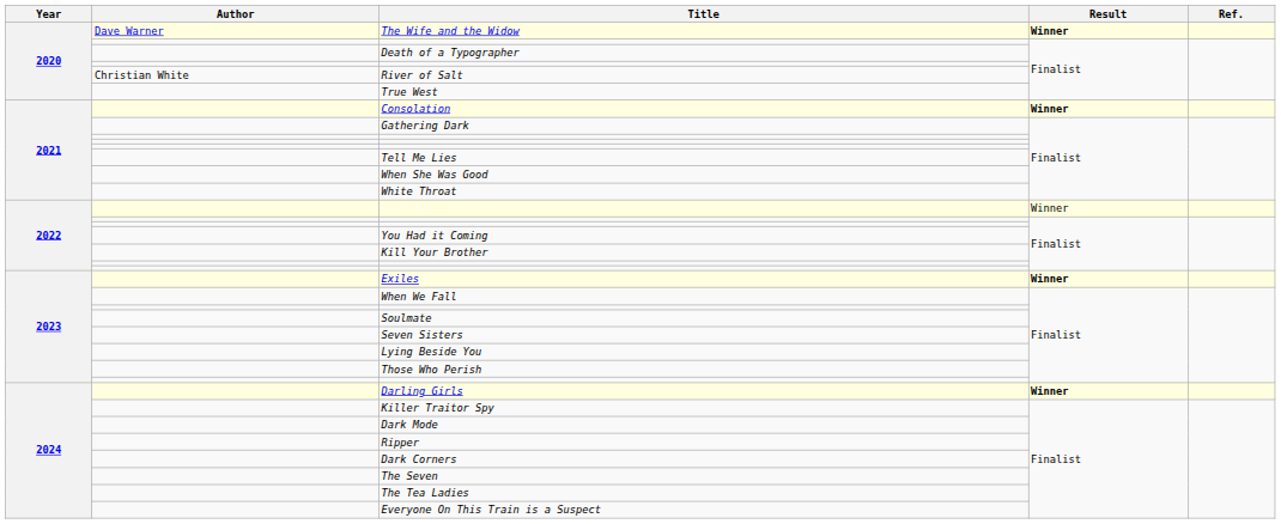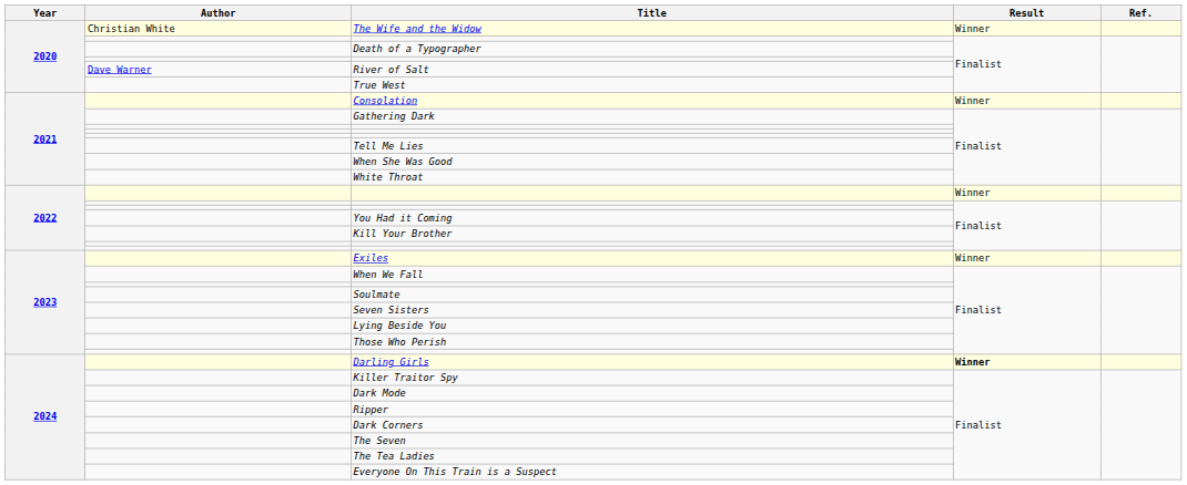 <table class="wikitable sortable mw-collapsible" width=100%>
 <tr>
 <th scope=col>Year</th>
 <th scope=col>Author</th>
 <th scope=col>Title</th>
 <th scope=col>Result</th>
 <th scope=col>Ref.</th>
 </tr>
 <tr style="background:lightyellow;">
 <th rowspan="6"><a href='#'>2020</a></th>
-<td><a href='#'>Dave Warner</a></td>
+<td>Christian White</td>
 <td><em><a href='#'>The Wife and the Widow</a></em></td>
-<td><strong>Winner</strong></td>
+<td>Winner</td>
 <td></td>
 </tr>
 <tr>
 <td></td>
 <td><em></em></td>
 <td rowspan="5">Finalist</td>
 <td rowspan="5"></td>
 </tr>
 <tr>
 <td></td>
 <td><em>Death of a Typographer</em></td>
 </tr>
 <tr>
 <td></td>
 <td><em></em></td>
 </tr>
 <tr>
-<td>Christian White</td>
+<td><a href='#'>Dave Warner</a></td>
 <td><em>River of Salt</em></td>
 </tr>
 <tr>
 <td></td>
 <td><em>True West</em></td>
 </tr>
 <tr style="background:lightyellow;">
 <th rowspan="8"><a href='#'>2021</a></th>
 <td></td>
 <td><em><a href='#'>Consolation</a></em></td>
-<td><strong>Winner</strong></td>
+<td>Winner</td>
 <td></td>
 </tr>
 <tr>
 <td></td>
 <td><em>Gathering Dark</em></td>
 <td rowspan="7">Finalist</td>
 <td rowspan="7"></td>
 </tr>
 <tr>
 <td></td>
 <td><em></em></td>
 </tr>
 <tr>
 <td></td>
 <td><em></em></td>
 </tr>
 <tr>
 <td></td>
 <td><em></em></td>
 </tr>
 <tr>
 <td></td>
 <td><em>Tell Me Lies</em></td>
 </tr>
 <tr>
 <td></td>
 <td><em>When She Was Good</em></td>
 </tr>
 <tr>
 <td></td>
 <td><em>White Throat</em></td>
 </tr>
 <tr style="background:lightyellow;">
 <th rowspan="7"><a href='#'>2022</a></th>
 <td></td>
 <td><em></em></td>
 <td>Winner</td>
 <td></td>
 </tr>
 <tr>
 <td></td>
 <td><em></em></td>
 <td rowspan="6">Finalist</td>
 <td rowspan="6"></td>
 </tr>
 <tr>
 <td></td>
 <td><em></em></td>
 </tr>
 <tr>
 <td></td>
 <td><em>You Had it Coming</em></td>
 </tr>
 <tr>
 <td></td>
 <td><em>Kill Your Brother</em></td>
 </tr>
 <tr>
 <td></td>
 <td><em></em></td>
 </tr>
 <tr>
 <td></td>
 <td><em></em></td>
 </tr>
 <tr style="background:lightyellow;">
 <th rowspan="8"><a href='#'>2023</a></th>
 <td></td>
 <td><em><a href='#'>Exiles</a></em></td>
-<td><strong>Winner</strong></td>
+<td>Winner</td>
 <td></td>
 </tr>
 <tr>
 <td></td>
 <td><em>When We Fall</em></td>
 <td rowspan="7">Finalist</td>
 <td rowspan="7"></td>
 </tr>
 <tr>
 <td></td>
 <td><em></em></td>
 </tr>
 <tr>
 <td></td>
 <td><em>Soulmate</em></td>
 </tr>
 <tr>
 <td></td>
 <td><em>Seven Sisters</em></td>
 </tr>
 <tr>
 <td></td>
 <td><em>Lying Beside You</em></td>
 </tr>
 <tr>
 <td></td>
 <td><em>Those Who Perish</em></td>
 </tr>
 <tr>
 <td></td>
 <td><em></em></td>
 </tr>
 <tr style="background:lightyellow;">
 <th rowspan="8"><a href='#'>2024</a></th>
 <td></td>
 <td><em><a href='#'>Darling Girls</a></em></td>
 <td><strong>Winner</strong></td>
 <td></td>
 </tr>
 <tr>
 <td></td>
 <td><em>Killer Traitor Spy</em></td>
 <td rowspan="7">Finalist</td>
 <td rowspan="7"></td>
 </tr>
 <tr>
 <td></td>
 <td><em>Dark Mode</em></td>
 </tr>
 <tr>
 <td></td>
 <td><em>Ripper</em></td>
 </tr>
 <tr>
 <td></td>
 <td><em>Dark Corners</em></td>
 </tr>
 <tr>
 <td></td>
 <td><em>The Seven</em></td>
 </tr>
 <tr>
 <td></td>
 <td><em>The Tea Ladies</em></td>
 </tr>
 <tr>
 <td></td>
 <td><em>Everyone On This Train is a Suspect</em></td>
 </tr>
 </table>
